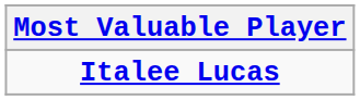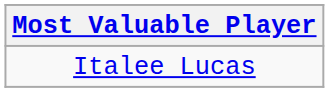 <table class=wikitable style="text-align:center; margin:auto">
 <tr>
 <th><a href='#'>Most Valuable Player</a></th>
 </tr>
 <tr>
-<td><strong>  <a href='#'>Italee Lucas</a></strong></td>
+<td>  <a href='#'>Italee Lucas</a></td>
 </tr>
 </table>
